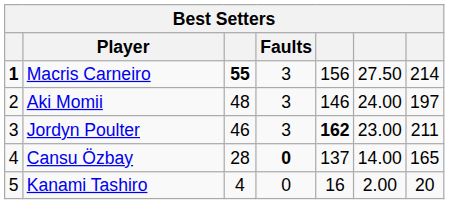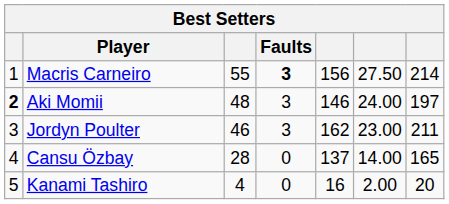 <table class="wikitable sortable" style=font-size:90%>
 <tr>
 <th colspan=7>Best Setters</th>
 </tr>
 <tr>
 <th></th>
 <th width=158>Player</th>
 <th width=20></th>
 <th width=20>Faults</th>
 <th width=20></th>
 <th width=20></th>
 <th width=20></th>
 </tr>
 <tr>
-<td><strong>1</strong></td>
+<td>1</td>
 <td> <a href='#'>Macris Carneiro</a></td>
-<td align=center><strong>55</strong></td>
-<td align=center>3</td>
+<td align=center>55</td>
+<td align=center><strong>3</strong></td>
 <td align=center>156</td>
 <td align=center>27.50</td>
 <td align=center>214</td>
 </tr>
 <tr>
-<td>2</td>
+<td><strong>2</strong></td>
 <td> <a href='#'>Aki Momii</a></td>
 <td align=center>48</td>
 <td align=center>3</td>
 <td align=center>146</td>
 <td align=center>24.00</td>
 <td align=center>197</td>
 </tr>
 <tr>
 <td>3</td>
 <td> <a href='#'>Jordyn Poulter</a></td>
 <td align=center>46</td>
 <td align=center>3</td>
-<td align=center><strong>162</strong></td>
+<td align=center>162</td>
 <td align=center>23.00</td>
 <td align=center>211</td>
 </tr>
 <tr>
 <td>4</td>
 <td> <a href='#'>Cansu Özbay</a></td>
 <td align=center>28</td>
-<td align=center><strong>0</strong></td>
+<td align=center>0</td>
 <td align=center>137</td>
 <td align=center>14.00</td>
 <td align=center>165</td>
 </tr>
 <tr>
 <td>5</td>
 <td> <a href='#'>Kanami Tashiro</a></td>
 <td align=center>4</td>
 <td align=center>0</td>
 <td align=center>16</td>
 <td align=center>2.00</td>
 <td align=center>20</td>
 </tr>
 </table>
